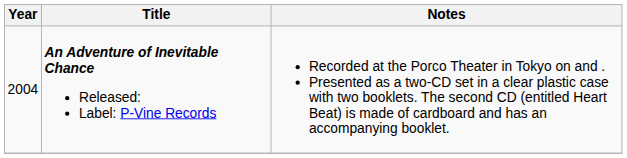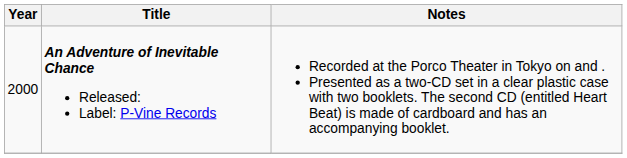 <table class="wikitable">
 <tr>
 <th width="33">Year</th>
 <th width="260">Title</th>
 <th width="400">Notes</th>
 </tr>
 <tr>
-<td align="center">2004</td>
+<td align="center">2000</td>
 <td><strong><em>An Adventure of Inevitable Chance</em></strong><br><ul><li>Released: </li><li>Label: <a href='#'>P-Vine Records</a></li></ul></td>
 <td><br><ul><li>Recorded at the Porco Theater in Tokyo on  and .</li><li>Presented as a two-CD set in a clear plastic case with two booklets. The second CD (entitled Heart Beat) is made of cardboard and has an accompanying booklet.</li></ul></td>
 </tr>
 <tr>
 </tr>
 </table>
